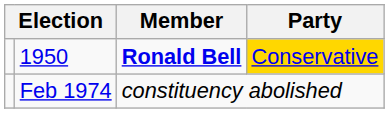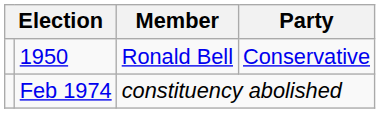 <table class="wikitable">
 <tr>
 <th colspan="2">Election</th>
 <th>Member </th>
 <th>Party</th>
 </tr>
 <tr>
 <td style="color:inherit;background-color: "></td>
 <td><a href='#'>1950</a></td>
-<td><strong><a href='#'>Ronald Bell</a></strong></td>
-<td style="background: gold;"><a href='#'>Conservative</a></td>
+<td><a href='#'>Ronald Bell</a></td>
+<td><a href='#'>Conservative</a></td>
 </tr>
 <tr>
 <td></td>
 <td><a href='#'>Feb 1974</a></td>
 <td colspan="2"><em>constituency abolished</em></td>
 </tr>
 </table>
